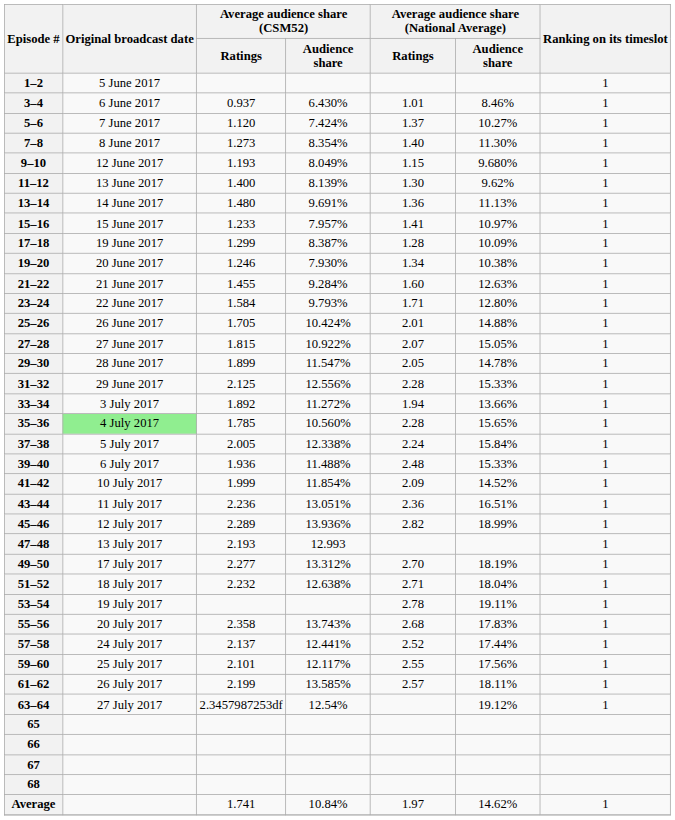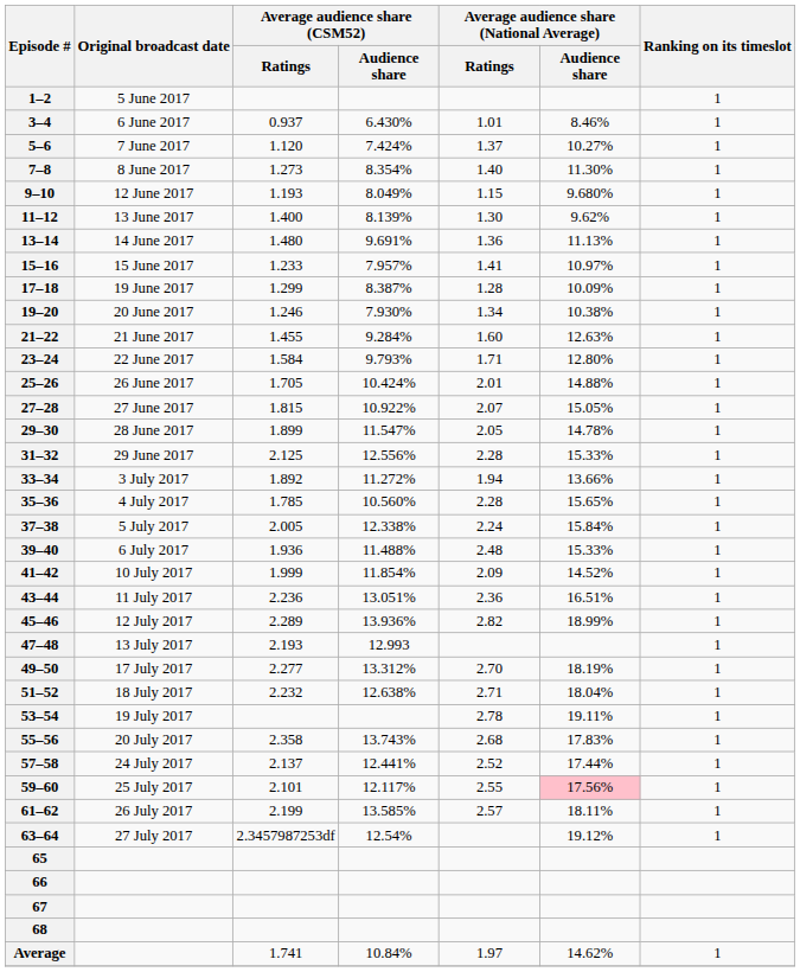 <table class=wikitable style="text-align:center">
 <tr>
 <th rowspan="2">Episode #</th>
 <th rowspan="2">Original broadcast date</th>
 <th colspan="2">Average audience share (CSM52)</th>
 <th colspan="2">Average audience share (National Average)</th>
 <th rowspan="2">Ranking on its timeslot</th>
 </tr>
 <tr>
 <th width=100>Ratings</th>
 <th width=100>Audience share</th>
 <th width=100>Ratings</th>
 <th width=100>Audience share</th>
 </tr>
 <tr>
 <th>1–2</th>
 <td>5 June 2017</td>
 <td></td>
 <td></td>
 <td></td>
 <td></td>
 <td>1</td>
 </tr>
 <tr>
 <th>3–4</th>
 <td>6 June 2017</td>
 <td>0.937</td>
 <td>6.430%</td>
 <td>1.01</td>
 <td>8.46%</td>
 <td>1</td>
 </tr>
 <tr>
 <th>5–6</th>
 <td>7 June 2017</td>
 <td>1.120</td>
 <td>7.424%</td>
 <td>1.37</td>
 <td>10.27%</td>
 <td>1</td>
 </tr>
 <tr>
 <th>7–8</th>
 <td>8 June 2017</td>
 <td>1.273</td>
 <td>8.354%</td>
 <td>1.40</td>
 <td>11.30%</td>
 <td>1</td>
 </tr>
 <tr>
 <th>9–10</th>
 <td>12 June 2017</td>
 <td>1.193</td>
 <td>8.049%</td>
 <td>1.15</td>
 <td>9.680%</td>
 <td>1</td>
 </tr>
 <tr>
 <th>11–12</th>
 <td>13 June 2017</td>
 <td>1.400</td>
 <td>8.139%</td>
 <td>1.30</td>
 <td>9.62%</td>
 <td>1</td>
 </tr>
 <tr>
 <th>13–14</th>
 <td>14 June 2017</td>
 <td>1.480</td>
 <td>9.691%</td>
 <td>1.36</td>
 <td>11.13%</td>
 <td>1</td>
 </tr>
 <tr>
 <th>15–16</th>
 <td>15 June 2017</td>
 <td>1.233</td>
 <td>7.957%</td>
 <td>1.41</td>
 <td>10.97%</td>
 <td>1</td>
 </tr>
 <tr>
 <th>17–18</th>
 <td>19 June 2017</td>
 <td>1.299</td>
 <td>8.387%</td>
 <td>1.28</td>
 <td>10.09%</td>
 <td>1</td>
 </tr>
 <tr>
 <th>19–20</th>
 <td>20 June 2017</td>
 <td>1.246</td>
 <td>7.930%</td>
 <td>1.34</td>
 <td>10.38%</td>
 <td>1</td>
 </tr>
 <tr>
 <th>21–22</th>
 <td>21 June 2017</td>
 <td>1.455</td>
 <td>9.284%</td>
 <td>1.60</td>
 <td>12.63%</td>
 <td>1</td>
 </tr>
 <tr>
 <th>23–24</th>
 <td>22 June 2017</td>
 <td>1.584</td>
 <td>9.793%</td>
 <td>1.71</td>
 <td>12.80%</td>
 <td>1</td>
 </tr>
 <tr>
 <th>25–26</th>
 <td>26 June 2017</td>
 <td>1.705</td>
 <td>10.424%</td>
 <td>2.01</td>
 <td>14.88%</td>
 <td>1</td>
 </tr>
 <tr>
 <th>27–28</th>
 <td>27 June 2017</td>
 <td>1.815</td>
 <td>10.922%</td>
 <td>2.07</td>
 <td>15.05%</td>
 <td>1</td>
 </tr>
 <tr>
 <th>29–30</th>
 <td>28 June 2017</td>
 <td>1.899</td>
 <td>11.547%</td>
 <td>2.05</td>
 <td>14.78%</td>
 <td>1</td>
 </tr>
 <tr>
 <th>31–32</th>
 <td>29 June 2017</td>
 <td>2.125</td>
 <td>12.556%</td>
 <td>2.28</td>
 <td>15.33%</td>
 <td>1</td>
 </tr>
 <tr>
 <th>33–34</th>
 <td>3 July 2017</td>
 <td>1.892</td>
 <td>11.272%</td>
 <td>1.94</td>
 <td>13.66%</td>
 <td>1</td>
 </tr>
 <tr>
 <th>35–36</th>
-<td style="background: lightgreen;">4 July 2017</td>
+<td>4 July 2017</td>
 <td>1.785</td>
 <td>10.560%</td>
 <td>2.28</td>
 <td>15.65%</td>
 <td>1</td>
 </tr>
 <tr>
 <th>37–38</th>
 <td>5 July 2017</td>
 <td>2.005</td>
 <td>12.338%</td>
 <td>2.24</td>
 <td>15.84%</td>
 <td>1</td>
 </tr>
 <tr>
 <th>39–40</th>
 <td>6 July 2017</td>
 <td>1.936</td>
 <td>11.488%</td>
 <td>2.48</td>
 <td>15.33%</td>
 <td>1</td>
 </tr>
 <tr>
 <th>41–42</th>
 <td>10 July 2017</td>
 <td>1.999</td>
 <td>11.854%</td>
 <td>2.09</td>
 <td>14.52%</td>
 <td>1</td>
 </tr>
 <tr>
 <th>43–44</th>
 <td>11 July 2017</td>
 <td>2.236</td>
 <td>13.051%</td>
 <td>2.36</td>
 <td>16.51%</td>
 <td>1</td>
 </tr>
 <tr>
 <th>45–46</th>
 <td>12 July 2017</td>
 <td>2.289</td>
 <td>13.936%</td>
 <td>2.82</td>
 <td>18.99%</td>
 <td>1</td>
 </tr>
 <tr>
 <th>47–48</th>
 <td>13 July 2017</td>
 <td>2.193</td>
 <td>12.993</td>
 <td></td>
 <td></td>
 <td>1</td>
 </tr>
 <tr>
 <th>49–50</th>
 <td>17 July 2017</td>
 <td>2.277</td>
 <td>13.312%</td>
 <td>2.70</td>
 <td>18.19%</td>
 <td>1</td>
 </tr>
 <tr>
 <th>51–52</th>
 <td>18 July 2017</td>
 <td>2.232</td>
 <td>12.638%</td>
 <td>2.71</td>
 <td>18.04%</td>
 <td>1</td>
 </tr>
 <tr>
 <th>53–54</th>
 <td>19 July 2017</td>
 <td></td>
 <td></td>
 <td>2.78</td>
 <td>19.11%</td>
 <td>1</td>
 </tr>
 <tr>
 <th>55–56</th>
 <td>20 July 2017</td>
 <td>2.358</td>
 <td>13.743%</td>
 <td>2.68</td>
 <td>17.83%</td>
 <td>1</td>
 </tr>
 <tr>
 <th>57–58</th>
 <td>24 July 2017</td>
 <td>2.137</td>
 <td>12.441%</td>
 <td>2.52</td>
 <td>17.44%</td>
 <td>1</td>
 </tr>
 <tr>
 <th>59–60</th>
 <td>25 July 2017</td>
 <td>2.101</td>
 <td>12.117%</td>
 <td>2.55</td>
-<td>17.56%</td>
+<td style="background: pink;">17.56%</td>
 <td>1</td>
 </tr>
 <tr>
 <th>61–62</th>
 <td>26 July 2017</td>
 <td>2.199</td>
 <td>13.585%</td>
 <td>2.57</td>
 <td>18.11%</td>
 <td>1</td>
 </tr>
 <tr>
 <th>63–64</th>
 <td>27 July 2017</td>
 <td>2.3457987253df</td>
 <td>12.54%</td>
 <td></td>
 <td>19.12%</td>
 <td>1</td>
 </tr>
 <tr>
 <th>65</th>
 <td></td>
 <td></td>
 <td></td>
 <td></td>
 <td></td>
 <td></td>
 </tr>
 <tr>
 <th>66</th>
 <td></td>
 <td></td>
 <td></td>
 <td></td>
 <td></td>
 <td></td>
 </tr>
 <tr>
 <th>67</th>
 <td></td>
 <td></td>
 <td></td>
 <td></td>
 <td></td>
 <td></td>
 </tr>
 <tr>
 <th>68</th>
 <td></td>
 <td></td>
 <td></td>
 <td></td>
 <td></td>
 <td></td>
 </tr>
 <tr>
 <th>Average</th>
 <td></td>
 <td>1.741</td>
 <td>10.84%</td>
 <td>1.97</td>
 <td>14.62%</td>
 <td>1</td>
 </tr>
 <tr>
 </tr>
 </table>
